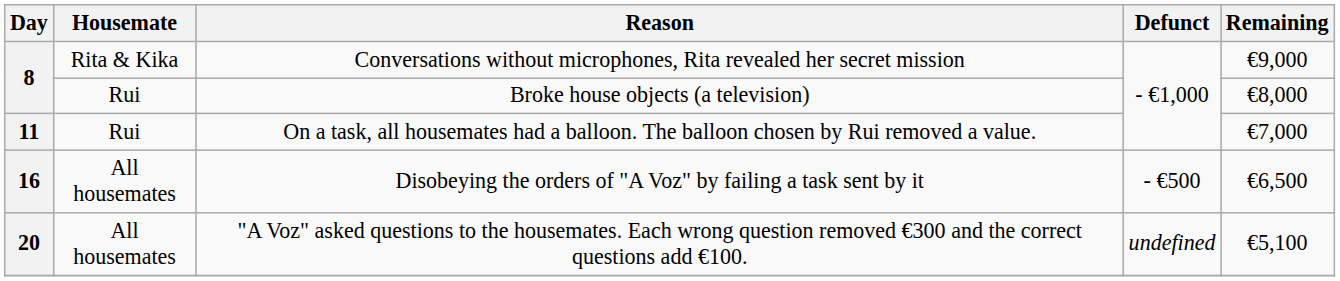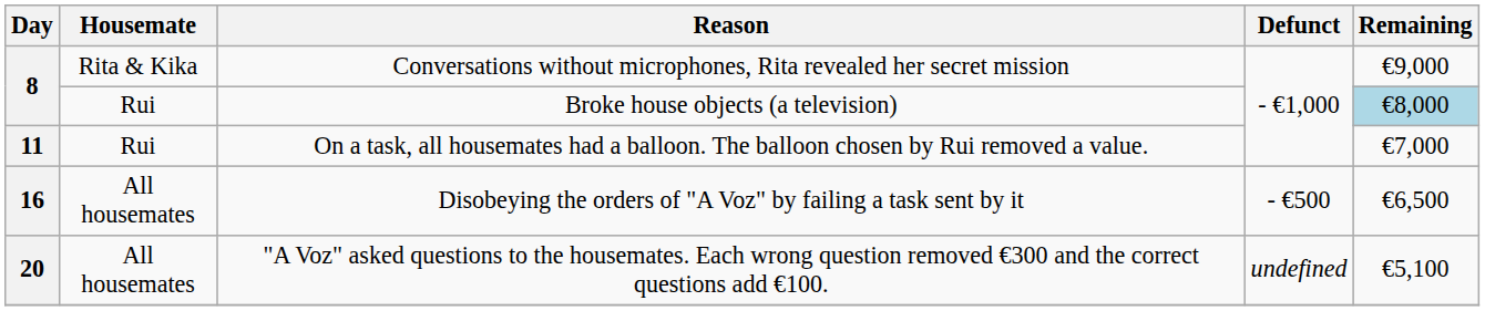 <table class="wikitable" style="text-align:center; font-size:90%;">
 <tr>
 <th>Day</th>
 <th>Housemate</th>
 <th>Reason</th>
 <th>Defunct</th>
 <th>Remaining</th>
 </tr>
 <tr>
 <th rowspan="2">8</th>
 <td>Rita & Kika</td>
 <td>Conversations without microphones, Rita revealed her secret mission</td>
 <td rowspan="3">- €1,000</td>
 <td>€9,000</td>
 </tr>
 <tr>
 <td>Rui</td>
 <td>Broke house objects (a television)</td>
-<td>€8,000</td>
+<td style="background: lightblue;">€8,000</td>
 </tr>
 <tr>
 <th>11</th>
 <td>Rui</td>
 <td>On a task, all housemates had a balloon. The balloon chosen by Rui removed a value.</td>
 <td>€7,000</td>
 </tr>
 <tr>
 <th>16</th>
 <td>All housemates</td>
 <td>Disobeying the orders of "A Voz" by failing a task sent by it</td>
 <td>- €500</td>
 <td>€6,500</td>
 </tr>
 <tr>
 <th>20</th>
 <td>All housemates</td>
 <td>"A Voz" asked questions to the housemates. Each wrong question removed €300 and the correct questions add €100.</td>
 <td><em>undefined</em></td>
 <td>€5,100</td>
 </tr>
 <tr>
 </tr>
 </table>
